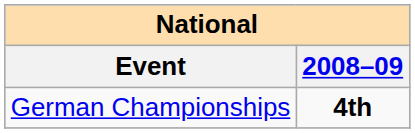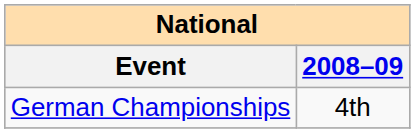 <table class="wikitable" style="text-align:center">
 <tr>
 <th style="background-color: #ffdead; " colspan=2 align=center>National</th>
 </tr>
 <tr>
 <th>Event</th>
 <th><a href='#'>2008–09</a></th>
 </tr>
 <tr>
 <td align=left><a href='#'>German Championships</a></td>
-<td><strong>4th</strong></td>
+<td>4th</td>
 </tr>
 </table>
